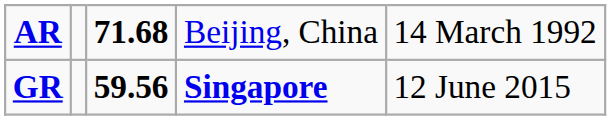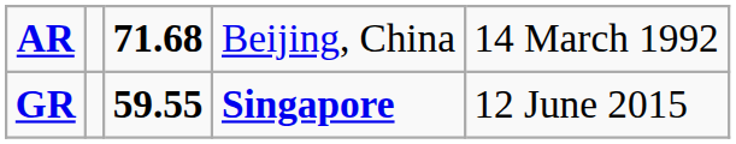 <table class="wikitable" style="font-size:95%; position:relative;">
 <tr>
 <td align=center><strong><a href='#'>AR</a></strong></td>
 <td></td>
 <td><strong>71.68</strong></td>
 <td><a href='#'>Beijing</a>, China</td>
 <td>14 March 1992</td>
 </tr>
 <tr>
 <td align=center><strong><a href='#'>GR</a></strong></td>
 <td></td>
-<td><strong>59.56</strong></td>
+<td><strong>59.55</strong></td>
 <td><strong><a href='#'>Singapore</a></strong></td>
 <td>12 June 2015</td>
 </tr>
 </table>
